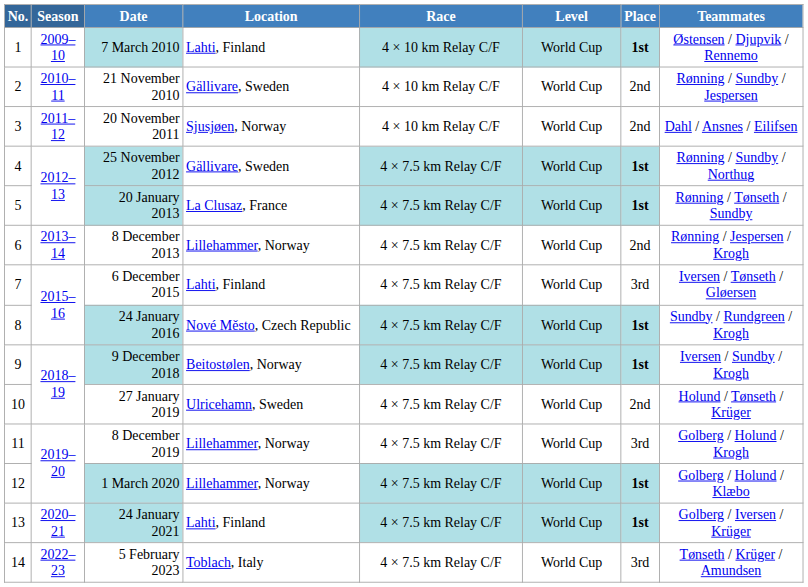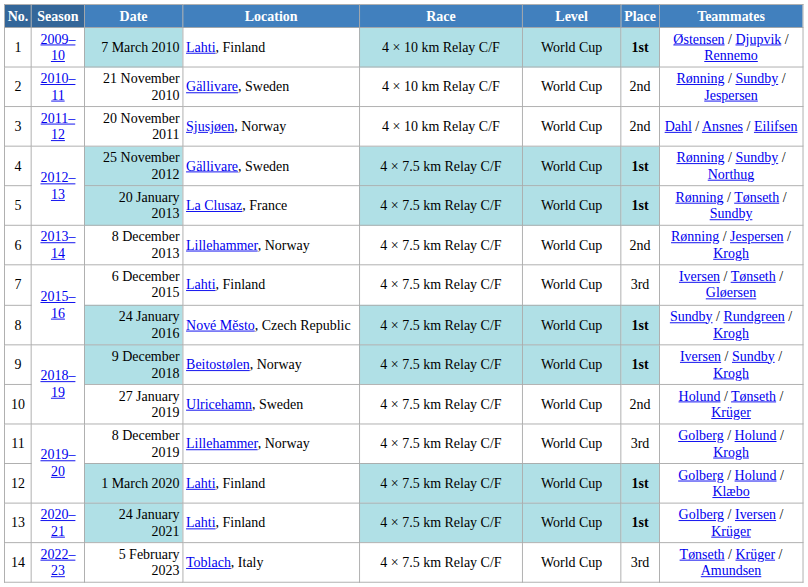 <table class="wikitable sortable" style="font-size:95%; text-align:center; border:grey solid 1px; border-collapse:collapse; background:#ffffff;">
 <tr style="background:#efefef;">
 <th style="background-color:#369; color:white;">No.</th>
 <th style="background-color:#369; color:white;">Season</th>
 <th style="background-color:#4180be; color:white; width:100px;">Date</th>
 <th style="background-color:#4180be; color:white; width:185px;">Location</th>
 <th style="background-color:#4180be; color:white; width:170px;">Race</th>
 <th style="background-color:#4180be; color:white; width:100px;">Level</th>
 <th style="background-color:#4180be; color:white;">Place</th>
 <th style="background-color:#4180be; color:white;">Teammates</th>
 </tr>
 <tr>
 <td align=center>1</td>
 <td rowspan=1 align=center><a href='#'>2009–10</a></td>
 <td bgcolor="#BOEOE6" align=right>7 March 2010</td>
 <td align=left> <a href='#'>Lahti</a>, Finland</td>
 <td bgcolor="#BOEOE6">4 × 10 km Relay C/F</td>
 <td bgcolor="#BOEOE6">World Cup</td>
 <td bgcolor="#BOEOE6"><strong>1st</strong></td>
 <td><a href='#'>Østensen</a> / <a href='#'>Djupvik</a> / <a href='#'>Rennemo</a></td>
 </tr>
 <tr>
 <td align=center>2</td>
 <td rowspan=1 align=center><a href='#'>2010–11</a></td>
 <td align=right>21 November 2010</td>
 <td align=left> <a href='#'>Gällivare</a>, Sweden</td>
 <td>4 × 10 km Relay C/F</td>
 <td>World Cup</td>
 <td>2nd</td>
 <td><a href='#'>Rønning</a> / <a href='#'>Sundby</a> / <a href='#'>Jespersen</a></td>
 </tr>
 <tr>
 <td align=center>3</td>
 <td rowspan=1 align=center><a href='#'>2011–12</a></td>
 <td align=right>20 November 2011</td>
 <td align=left> <a href='#'>Sjusjøen</a>, Norway</td>
 <td>4 × 10 km Relay C/F</td>
 <td>World Cup</td>
 <td>2nd</td>
 <td><a href='#'>Dahl</a> / <a href='#'>Ansnes</a> / <a href='#'>Eilifsen</a></td>
 </tr>
 <tr>
 <td align=center>4</td>
 <td rowspan=2 align=center><a href='#'>2012–13</a></td>
 <td bgcolor="#BOEOE6" align=right>25 November 2012</td>
 <td align=left> <a href='#'>Gällivare</a>, Sweden</td>
 <td bgcolor="#BOEOE6">4 × 7.5 km Relay C/F</td>
 <td bgcolor="#BOEOE6">World Cup</td>
 <td bgcolor="#BOEOE6"><strong>1st</strong></td>
 <td><a href='#'>Rønning</a> / <a href='#'>Sundby</a> / <a href='#'>Northug</a></td>
 </tr>
 <tr>
 <td align=center>5</td>
 <td bgcolor="#BOEOE6" align=right>20 January 2013</td>
 <td align=left> <a href='#'>La Clusaz</a>, France</td>
 <td bgcolor="#BOEOE6">4 × 7.5 km Relay C/F</td>
 <td bgcolor="#BOEOE6">World Cup</td>
 <td bgcolor="#BOEOE6"><strong>1st</strong></td>
 <td><a href='#'>Rønning</a> / <a href='#'>Tønseth</a> / <a href='#'>Sundby</a></td>
 </tr>
 <tr>
 <td align=center>6</td>
 <td rowspan=1 align=center><a href='#'>2013–14</a></td>
 <td align=right>8 December 2013</td>
 <td align=left> <a href='#'>Lillehammer</a>, Norway</td>
 <td>4 × 7.5 km Relay C/F</td>
 <td>World Cup</td>
 <td>2nd</td>
 <td><a href='#'>Rønning</a> / <a href='#'>Jespersen</a> / <a href='#'>Krogh</a></td>
 </tr>
 <tr>
 <td align=center>7</td>
 <td rowspan=2 align=center><a href='#'>2015–16</a></td>
 <td align=right>6 December 2015</td>
 <td align=left> <a href='#'>Lahti</a>, Finland</td>
 <td>4 × 7.5 km Relay C/F</td>
 <td>World Cup</td>
 <td>3rd</td>
 <td><a href='#'>Iversen</a> / <a href='#'>Tønseth</a> / <a href='#'>Gløersen</a></td>
 </tr>
 <tr>
 <td align=center>8</td>
 <td bgcolor="#BOEOE6" align=right>24 January 2016</td>
 <td align=left> <a href='#'>Nové Město</a>, Czech Republic</td>
 <td bgcolor="#BOEOE6">4 × 7.5 km Relay C/F</td>
 <td bgcolor="#BOEOE6">World Cup</td>
 <td bgcolor="#BOEOE6"><strong>1st</strong></td>
 <td><a href='#'>Sundby</a> / <a href='#'>Rundgreen</a> / <a href='#'>Krogh</a></td>
 </tr>
 <tr>
 <td align=center>9</td>
 <td rowspan=2 align=center><a href='#'>2018–19</a></td>
 <td bgcolor="#BOEOE6" align=right>9 December 2018</td>
 <td align=left> <a href='#'>Beitostølen</a>, Norway</td>
 <td bgcolor="#BOEOE6">4 × 7.5 km Relay C/F</td>
 <td bgcolor="#BOEOE6">World Cup</td>
 <td bgcolor="#BOEOE6"><strong>1st</strong></td>
 <td><a href='#'>Iversen</a> / <a href='#'>Sundby</a> / <a href='#'>Krogh</a></td>
 </tr>
 <tr>
 <td align=center>10</td>
 <td align=right>27 January 2019</td>
 <td align=left> <a href='#'>Ulricehamn</a>, Sweden</td>
 <td>4 × 7.5 km Relay C/F</td>
 <td>World Cup</td>
 <td>2nd</td>
 <td><a href='#'>Holund</a> / <a href='#'>Tønseth</a> / <a href='#'>Krüger</a></td>
 </tr>
 <tr>
 <td align=center>11</td>
 <td rowspan=2 align=center><a href='#'>2019–20</a></td>
 <td align=right>8 December 2019</td>
 <td align=left> <a href='#'>Lillehammer</a>, Norway</td>
 <td>4 × 7.5 km Relay C/F</td>
 <td>World Cup</td>
 <td>3rd</td>
 <td><a href='#'>Golberg</a> / <a href='#'>Holund</a> / <a href='#'>Krogh</a></td>
 </tr>
 <tr>
 <td align=center>12</td>
 <td bgcolor="#BOEOE6" align=right>1 March 2020</td>
-<td align=left> <a href='#'>Lillehammer</a>, Norway</td>
+<td align=left> <a href='#'>Lahti</a>, Finland</td>
 <td bgcolor="#BOEOE6">4 × 7.5 km Relay C/F</td>
 <td bgcolor="#BOEOE6">World Cup</td>
 <td bgcolor="#BOEOE6"><strong>1st</strong></td>
 <td><a href='#'>Golberg</a> / <a href='#'>Holund</a> / <a href='#'>Klæbo</a></td>
 </tr>
 <tr>
 <td align=center>13</td>
 <td rowspan=1 align=center><a href='#'>2020–21</a></td>
 <td bgcolor="#BOEOE6" align=right>24 January 2021</td>
 <td align=left> <a href='#'>Lahti</a>, Finland</td>
 <td bgcolor="#BOEOE6">4 × 7.5 km Relay C/F</td>
 <td bgcolor="#BOEOE6">World Cup</td>
 <td bgcolor="#BOEOE6"><strong>1st</strong></td>
 <td><a href='#'>Golberg</a> / <a href='#'>Iversen</a> / <a href='#'>Krüger</a></td>
 </tr>
 <tr>
 <td align=center>14</td>
 <td align=center><a href='#'>2022–23</a></td>
 <td align=right>5 February 2023</td>
 <td align=left> <a href='#'>Toblach</a>, Italy</td>
 <td>4 × 7.5 km Relay C/F</td>
 <td>World Cup</td>
 <td>3rd</td>
 <td><a href='#'>Tønseth</a> / <a href='#'>Krüger</a> / <a href='#'>Amundsen</a></td>
 </tr>
 </table>
